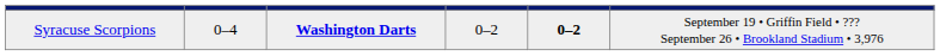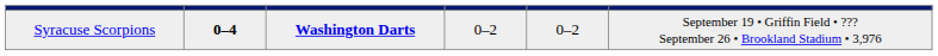 <table style=border-collapse:collapse border=1 cellspacing=0 cellpadding=2>
 <tr style="text-align:center; background:#071871;">
 <th width=180></th>
 <th width=80></th>
 <th width=180></th>
 <th width=80></th>
 <th width=80></th>
 <td width=330></td>
 </tr>
 <tr style="text-align:center; background:#efefef;">
 <td align=center><a href='#'>Syracuse Scorpions</a></td>
-<td>0–4</td>
+<td><strong>0–4</strong></td>
 <td align=center><strong><a href='#'>Washington Darts</a></strong></td>
 <td>0–2</td>
-<td><strong>0–2</strong></td>
+<td>0–2</td>
 <td><small>September 19 •  Griffin Field • ???<br>September 26 • <a href='#'>Brookland Stadium</a> • 3,976</small></td>
 </tr>
 </table>
